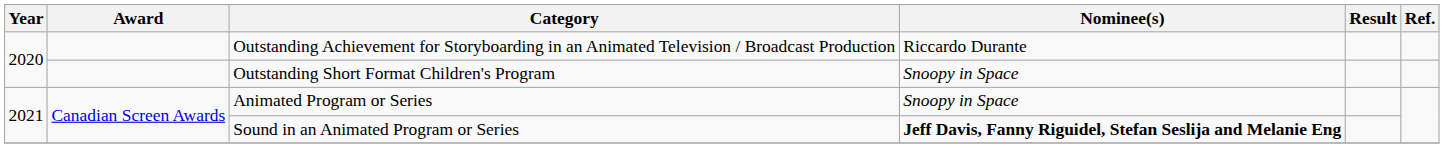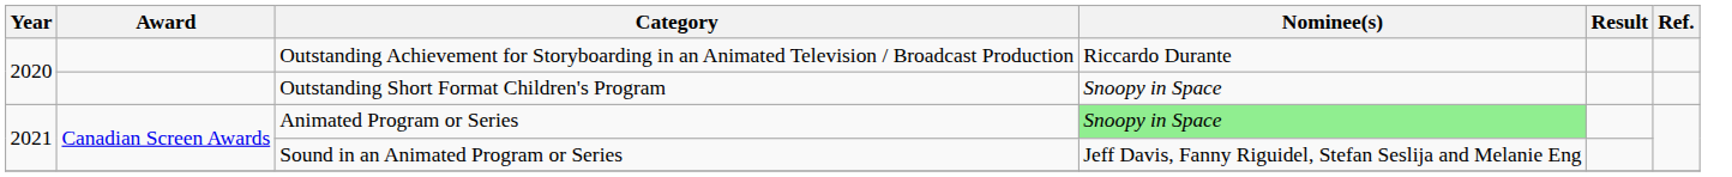 <table class="wikitable">
 <tr>
 <th>Year</th>
 <th>Award</th>
 <th>Category</th>
 <th>Nominee(s)</th>
 <th>Result</th>
 <th>Ref.</th>
 </tr>
 <tr>
 <td rowspan=2>2020</td>
 <td></td>
 <td>Outstanding Achievement for Storyboarding in an Animated Television / Broadcast Production</td>
 <td>Riccardo Durante</td>
 <td></td>
 <td></td>
 </tr>
 <tr>
 <td></td>
 <td>Outstanding Short Format Children's Program</td>
 <td><em>Snoopy in Space</em></td>
 <td></td>
 <td></td>
 </tr>
 <tr>
 <td rowspan=2>2021</td>
 <td rowspan=2><a href='#'>Canadian Screen Awards</a></td>
 <td>Animated Program or Series</td>
-<td><em>Snoopy in Space</em></td>
+<td style="background: lightgreen;"><em>Snoopy in Space</em></td>
 <td></td>
 <td rowspan=2></td>
 </tr>
 <tr>
 <td>Sound in an Animated Program or Series</td>
-<td><strong>Jeff Davis, Fanny Riguidel, Stefan Seslija and Melanie Eng </strong></td>
+<td>Jeff Davis, Fanny Riguidel, Stefan Seslija and Melanie Eng </td>
 <td></td>
 </tr>
 <tr>
 </tr>
 </table>
